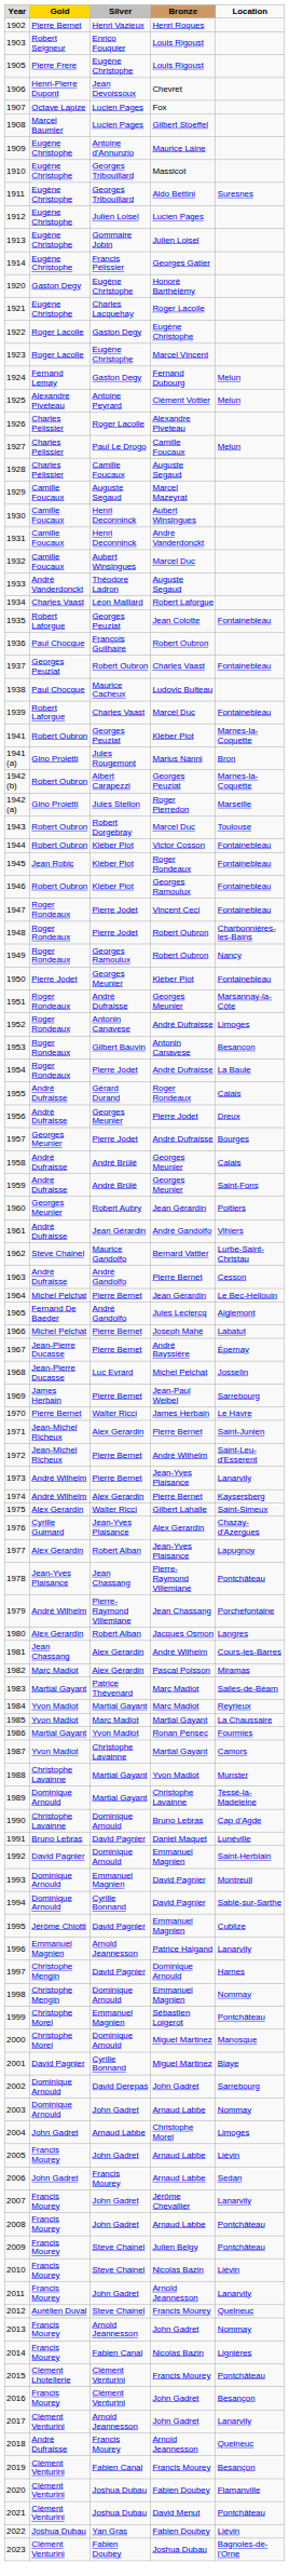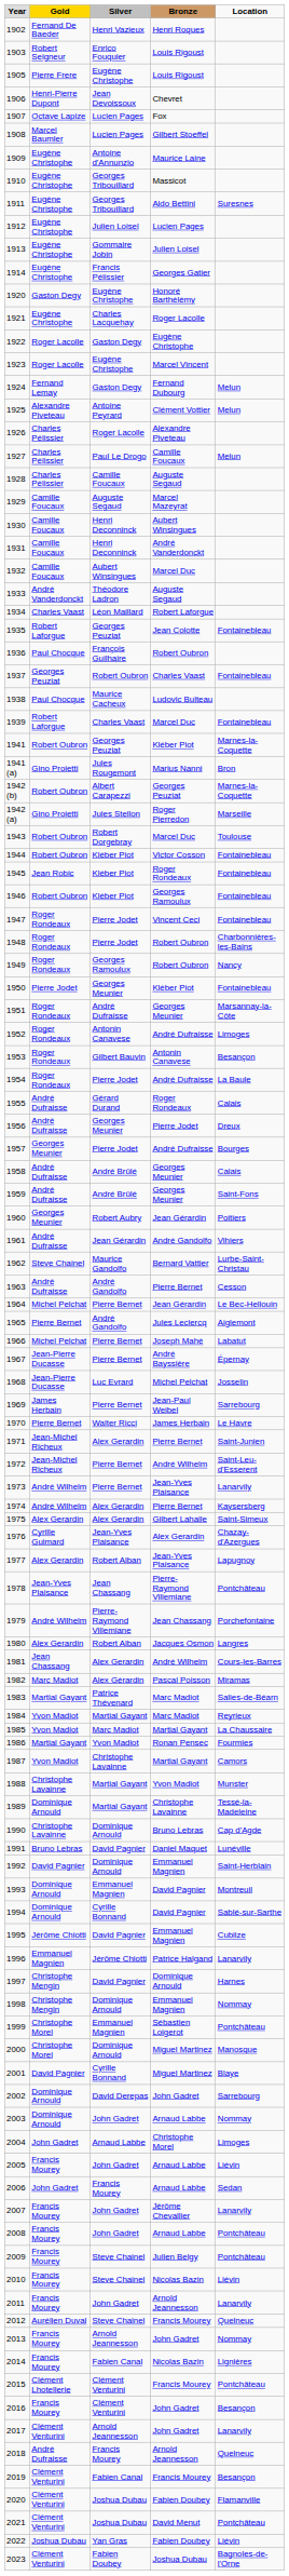 <table class="wikitable" style="width: 60%; text-align:left;">
 <tr>
 <td style="background:#DDDDDD; font-weight:bold; text-align:center;">Year</td>
 <td style="background:gold; font-weight:bold; text-align:center;">Gold</td>
 <td style="background:silver; font-weight:bold; text-align:center;">Silver</td>
 <td style="background:#cc9966; font-weight:bold; text-align:center;">Bronze</td>
 <td style="font-weight:bold; text-align:center;">Location</td>
 </tr>
 <tr>
 <td>1902</td>
-<td><a href='#'>Pierre Bernet</a></td>
+<td><a href='#'>Fernand De Baeder</a></td>
 <td><a href='#'>Henri Vazieux</a></td>
 <td><a href='#'>Henri Roques</a></td>
 <td></td>
 </tr>
 <tr>
 <td>1903</td>
 <td><a href='#'>Robert Seigneur</a></td>
 <td><a href='#'>Enrico Fouquier</a></td>
 <td><a href='#'>Louis Rigoust</a></td>
 <td></td>
 </tr>
 <tr>
 <td>1905</td>
 <td><a href='#'>Pierre Frere</a></td>
 <td><a href='#'>Eugène Christophe</a></td>
 <td><a href='#'>Louis Rigoust</a></td>
 <td></td>
 </tr>
 <tr>
 <td>1906</td>
 <td><a href='#'>Henri-Pierre Dupont</a></td>
 <td><a href='#'>Jean Devoissoux</a></td>
 <td>Chevret</td>
 <td></td>
 </tr>
 <tr>
 <td>1907</td>
 <td><a href='#'>Octave Lapize</a></td>
 <td><a href='#'>Lucien Pages</a></td>
 <td>Fox</td>
 <td></td>
 </tr>
 <tr>
 <td>1908</td>
 <td><a href='#'>Marcel Baumler</a></td>
 <td><a href='#'>Lucien Pages</a></td>
 <td><a href='#'>Gilbert Stoeffel</a></td>
 <td></td>
 </tr>
 <tr>
 <td>1909</td>
 <td><a href='#'>Eugène Christophe</a></td>
 <td><a href='#'>Antoine d'Annunzio</a></td>
 <td><a href='#'>Maurice Laine</a></td>
 <td></td>
 </tr>
 <tr>
 <td>1910</td>
 <td><a href='#'>Eugène Christophe</a></td>
 <td><a href='#'>Georges Tribouillard</a></td>
 <td>Massicot</td>
 <td></td>
 </tr>
 <tr>
 <td>1911</td>
 <td><a href='#'>Eugène Christophe</a></td>
 <td><a href='#'>Georges Tribouillard</a></td>
 <td><a href='#'>Aldo Bettini</a></td>
 <td><a href='#'>Suresnes</a></td>
 </tr>
 <tr>
 <td>1912</td>
 <td><a href='#'>Eugène Christophe</a></td>
 <td><a href='#'>Julien Loisel</a></td>
 <td><a href='#'>Lucien Pages</a></td>
 <td></td>
 </tr>
 <tr>
 <td>1913</td>
 <td><a href='#'>Eugène Christophe</a></td>
 <td><a href='#'>Gommaire Jobin</a></td>
 <td><a href='#'>Julien Loisel</a></td>
 <td></td>
 </tr>
 <tr>
 <td>1914</td>
 <td><a href='#'>Eugène Christophe</a></td>
 <td><a href='#'>Francis Pélissier</a></td>
 <td><a href='#'>Georges Gatier</a></td>
 <td></td>
 </tr>
 <tr>
 <td>1920</td>
 <td><a href='#'>Gaston Degy</a></td>
 <td><a href='#'>Eugène Christophe</a></td>
 <td><a href='#'>Honoré Barthélémy</a></td>
 <td></td>
 </tr>
 <tr>
 <td>1921</td>
 <td><a href='#'>Eugène Christophe</a></td>
 <td><a href='#'>Charles Lacquehay</a></td>
 <td><a href='#'>Roger Lacolle</a></td>
 <td></td>
 </tr>
 <tr>
 <td>1922</td>
 <td><a href='#'>Roger Lacolle</a></td>
 <td><a href='#'>Gaston Degy</a></td>
 <td><a href='#'>Eugène Christophe</a></td>
 <td></td>
 </tr>
 <tr>
 <td>1923</td>
 <td><a href='#'>Roger Lacolle</a></td>
 <td><a href='#'>Eugène Christophe</a></td>
 <td><a href='#'>Marcel Vincent</a></td>
 <td></td>
 </tr>
 <tr>
 <td>1924</td>
 <td><a href='#'>Fernand Lemay</a></td>
 <td><a href='#'>Gaston Degy</a></td>
 <td><a href='#'>Fernand Dubourg</a></td>
 <td><a href='#'>Melun</a></td>
 </tr>
 <tr>
 <td>1925</td>
 <td><a href='#'>Alexandre Piveteau</a></td>
 <td><a href='#'>Antoine Peyrard</a></td>
 <td><a href='#'>Clément Vottier</a></td>
 <td><a href='#'>Melun</a></td>
 </tr>
 <tr>
 <td>1926</td>
 <td><a href='#'>Charles Pélissier</a></td>
 <td><a href='#'>Roger Lacolle</a></td>
 <td><a href='#'>Alexandre Piveteau</a></td>
 <td></td>
 </tr>
 <tr>
 <td>1927</td>
 <td><a href='#'>Charles Pélissier</a></td>
 <td><a href='#'>Paul Le Drogo</a></td>
 <td><a href='#'>Camille Foucaux</a></td>
 <td><a href='#'>Melun</a></td>
 </tr>
 <tr>
 <td>1928</td>
 <td><a href='#'>Charles Pélissier</a></td>
 <td><a href='#'>Camille Foucaux</a></td>
 <td><a href='#'>Auguste Segaud</a></td>
 <td></td>
 </tr>
 <tr>
 <td>1929</td>
 <td><a href='#'>Camille Foucaux</a></td>
 <td><a href='#'>Auguste Segaud</a></td>
 <td><a href='#'>Marcel Mazeyrat</a></td>
 <td></td>
 </tr>
 <tr>
 <td>1930</td>
 <td><a href='#'>Camille Foucaux</a></td>
 <td><a href='#'>Henri Deconninck</a></td>
 <td><a href='#'>Aubert Winsingues</a></td>
 <td></td>
 </tr>
 <tr>
 <td>1931</td>
 <td><a href='#'>Camille Foucaux</a></td>
 <td><a href='#'>Henri Deconninck</a></td>
 <td><a href='#'>André Vanderdonckt</a></td>
 <td></td>
 </tr>
 <tr>
 <td>1932</td>
 <td><a href='#'>Camille Foucaux</a></td>
 <td><a href='#'>Aubert Winsingues</a></td>
 <td><a href='#'>Marcel Duc</a></td>
 <td></td>
 </tr>
 <tr>
 <td>1933</td>
 <td><a href='#'>André Vanderdonckt</a></td>
 <td><a href='#'>Théodore Ladron</a></td>
 <td><a href='#'>Auguste Segaud</a></td>
 <td></td>
 </tr>
 <tr>
 <td>1934</td>
 <td><a href='#'>Charles Vaast</a></td>
 <td><a href='#'>Léon Maillard</a></td>
 <td><a href='#'>Robert Laforgue</a></td>
 <td></td>
 </tr>
 <tr>
 <td>1935</td>
 <td><a href='#'>Robert Laforgue</a></td>
 <td><a href='#'>Georges Peuziat</a></td>
 <td><a href='#'>Jean Colotte</a></td>
 <td><a href='#'>Fontainebleau</a></td>
 </tr>
 <tr>
 <td>1936</td>
 <td><a href='#'>Paul Chocque</a></td>
 <td><a href='#'>François Guilhaire</a></td>
 <td><a href='#'>Robert Oubron</a></td>
 <td></td>
 </tr>
 <tr>
 <td>1937</td>
 <td><a href='#'>Georges Peuziat</a></td>
 <td><a href='#'>Robert Oubron</a></td>
 <td><a href='#'>Charles Vaast</a></td>
 <td><a href='#'>Fontainebleau</a></td>
 </tr>
 <tr>
 <td>1938</td>
 <td><a href='#'>Paul Chocque</a></td>
 <td><a href='#'>Maurice Cacheux</a></td>
 <td><a href='#'>Ludovic Bulteau</a></td>
 <td></td>
 </tr>
 <tr>
 <td>1939</td>
 <td><a href='#'>Robert Laforgue</a></td>
 <td><a href='#'>Charles Vaast</a></td>
 <td><a href='#'>Marcel Duc</a></td>
 <td><a href='#'>Fontainebleau</a></td>
 </tr>
 <tr>
 <td>1941</td>
 <td><a href='#'>Robert Oubron</a></td>
 <td><a href='#'>Georges Peuziat</a></td>
 <td><a href='#'>Kléber Piot</a></td>
 <td><a href='#'>Marnes-la-Coquette</a></td>
 </tr>
 <tr>
 <td>1941 (a)</td>
 <td><a href='#'>Gino Proietti</a></td>
 <td><a href='#'>Jules Rougemont</a></td>
 <td><a href='#'>Marius Nanni</a></td>
 <td><a href='#'>Bron</a></td>
 </tr>
 <tr>
 <td>1942 (b)</td>
 <td><a href='#'>Robert Oubron</a></td>
 <td><a href='#'>Albert Carapezzi</a></td>
 <td><a href='#'>Georges Peuziat</a></td>
 <td><a href='#'>Marnes-la-Coquette</a></td>
 </tr>
 <tr>
 <td>1942 (a)</td>
 <td><a href='#'>Gino Proietti</a></td>
 <td><a href='#'>Jules Stellon</a></td>
 <td><a href='#'>Roger Pierredon</a></td>
 <td><a href='#'>Marseille</a></td>
 </tr>
 <tr>
 <td>1943</td>
 <td><a href='#'>Robert Oubron</a></td>
 <td><a href='#'>Robert Dorgebray</a></td>
 <td><a href='#'>Marcel Duc</a></td>
 <td><a href='#'>Toulouse</a></td>
 </tr>
 <tr>
 <td>1944</td>
 <td><a href='#'>Robert Oubron</a></td>
 <td><a href='#'>Kléber Piot</a></td>
 <td><a href='#'>Victor Cosson</a></td>
 <td><a href='#'>Fontainebleau</a></td>
 </tr>
 <tr>
 <td>1945</td>
 <td><a href='#'>Jean Robic</a></td>
 <td><a href='#'>Kléber Piot</a></td>
 <td><a href='#'>Roger Rondeaux</a></td>
 <td><a href='#'>Fontainebleau</a></td>
 </tr>
 <tr>
 <td>1946</td>
 <td><a href='#'>Robert Oubron</a></td>
 <td><a href='#'>Kléber Piot</a></td>
 <td><a href='#'>Georges Ramoulux</a></td>
 <td><a href='#'>Fontainebleau</a></td>
 </tr>
 <tr>
 <td>1947</td>
 <td><a href='#'>Roger Rondeaux</a></td>
 <td><a href='#'>Pierre Jodet</a></td>
 <td><a href='#'>Vincent Ceci</a></td>
 <td><a href='#'>Fontainebleau</a></td>
 </tr>
 <tr>
 <td>1948</td>
 <td><a href='#'>Roger Rondeaux</a></td>
 <td><a href='#'>Pierre Jodet</a></td>
 <td><a href='#'>Robert Oubron</a></td>
 <td><a href='#'>Charbonnières-les-Bains</a></td>
 </tr>
 <tr>
 <td>1949</td>
 <td><a href='#'>Roger Rondeaux</a></td>
 <td><a href='#'>Georges Ramoulux</a></td>
 <td><a href='#'>Robert Oubron</a></td>
 <td><a href='#'>Nancy</a></td>
 </tr>
 <tr>
 <td>1950</td>
 <td><a href='#'>Pierre Jodet</a></td>
 <td><a href='#'>Georges Meunier</a></td>
 <td><a href='#'>Kléber Piot</a></td>
 <td><a href='#'>Fontainebleau</a></td>
 </tr>
 <tr>
 <td>1951</td>
 <td><a href='#'>Roger Rondeaux</a></td>
 <td><a href='#'>André Dufraisse</a></td>
 <td><a href='#'>Georges Meunier</a></td>
 <td><a href='#'>Marsannay-la-Côte</a></td>
 </tr>
 <tr>
 <td>1952</td>
 <td><a href='#'>Roger Rondeaux</a></td>
 <td><a href='#'>Antonin Canavese</a></td>
 <td><a href='#'>André Dufraisse</a></td>
 <td><a href='#'>Limoges</a></td>
 </tr>
 <tr>
 <td>1953</td>
 <td><a href='#'>Roger Rondeaux</a></td>
 <td><a href='#'>Gilbert Bauvin</a></td>
 <td><a href='#'>Antonin Canavese</a></td>
 <td><a href='#'>Besançon</a></td>
 </tr>
 <tr>
 <td>1954</td>
 <td><a href='#'>Roger Rondeaux</a></td>
 <td><a href='#'>Pierre Jodet</a></td>
 <td><a href='#'>André Dufraisse</a></td>
 <td><a href='#'>La Baule</a></td>
 </tr>
 <tr>
 <td>1955</td>
 <td><a href='#'>André Dufraisse</a></td>
 <td><a href='#'>Gérard Durand</a></td>
 <td><a href='#'>Roger Rondeaux</a></td>
 <td><a href='#'>Calais</a></td>
 </tr>
 <tr>
 <td>1956</td>
 <td><a href='#'>André Dufraisse</a></td>
 <td><a href='#'>Georges Meunier</a></td>
 <td><a href='#'>Pierre Jodet</a></td>
 <td><a href='#'>Dreux</a></td>
 </tr>
 <tr>
 <td>1957</td>
 <td><a href='#'>Georges Meunier</a></td>
 <td><a href='#'>Pierre Jodet</a></td>
 <td><a href='#'>André Dufraisse</a></td>
 <td><a href='#'>Bourges</a></td>
 </tr>
 <tr>
 <td>1958</td>
 <td><a href='#'>André Dufraisse</a></td>
 <td><a href='#'>André Brûlé</a></td>
 <td><a href='#'>Georges Meunier</a></td>
 <td><a href='#'>Calais</a></td>
 </tr>
 <tr>
 <td>1959</td>
 <td><a href='#'>André Dufraisse</a></td>
 <td><a href='#'>André Brûlé</a></td>
 <td><a href='#'>Georges Meunier</a></td>
 <td><a href='#'>Saint-Fons</a></td>
 </tr>
 <tr>
 <td>1960</td>
 <td><a href='#'>Georges Meunier</a></td>
 <td><a href='#'>Robert Aubry</a></td>
 <td><a href='#'>Jean Gérardin</a></td>
 <td><a href='#'>Poitiers</a></td>
 </tr>
 <tr>
 <td>1961</td>
 <td><a href='#'>André Dufraisse</a></td>
 <td><a href='#'>Jean Gérardin</a></td>
 <td><a href='#'>André Gandolfo</a></td>
 <td><a href='#'>Vihiers</a></td>
 </tr>
 <tr>
 <td>1962</td>
 <td><a href='#'>Steve Chainel</a></td>
 <td><a href='#'>Maurice Gandolfo</a></td>
 <td><a href='#'>Bernard Vattier</a></td>
 <td><a href='#'>Lurbe-Saint-Christau</a></td>
 </tr>
 <tr>
 <td>1963</td>
 <td><a href='#'>André Dufraisse</a></td>
 <td><a href='#'>André Gandolfo</a></td>
 <td><a href='#'>Pierre Bernet</a></td>
 <td><a href='#'>Cesson</a></td>
 </tr>
 <tr>
 <td>1964</td>
 <td><a href='#'>Michel Pelchat</a></td>
 <td><a href='#'>Pierre Bernet</a></td>
 <td><a href='#'>Jean Gérardin</a></td>
 <td><a href='#'>Le Bec-Hellouin</a></td>
 </tr>
 <tr>
 <td>1965</td>
-<td><a href='#'>Fernand De Baeder</a></td>
+<td><a href='#'>Pierre Bernet</a></td>
 <td><a href='#'>André Gandolfo</a></td>
 <td><a href='#'>Jules Leclercq</a></td>
 <td><a href='#'>Aiglemont</a></td>
 </tr>
 <tr>
 <td>1966</td>
 <td><a href='#'>Michel Pelchat</a></td>
 <td><a href='#'>Pierre Bernet</a></td>
 <td><a href='#'>Joseph Mahé</a></td>
 <td><a href='#'>Labatut</a></td>
 </tr>
 <tr>
 <td>1967</td>
 <td><a href='#'>Jean-Pierre Ducasse</a></td>
 <td><a href='#'>Pierre Bernet</a></td>
 <td><a href='#'>André Bayssière</a></td>
 <td><a href='#'>Épernay</a></td>
 </tr>
 <tr>
 <td>1968</td>
 <td><a href='#'>Jean-Pierre Ducasse</a></td>
 <td><a href='#'>Luc Evrard</a></td>
 <td><a href='#'>Michel Pelchat</a></td>
 <td><a href='#'>Josselin</a></td>
 </tr>
 <tr>
 <td>1969</td>
 <td><a href='#'>James Herbain</a></td>
 <td><a href='#'>Pierre Bernet</a></td>
 <td><a href='#'>Jean-Paul Weibel</a></td>
 <td><a href='#'>Sarrebourg</a></td>
 </tr>
 <tr>
 <td>1970</td>
 <td><a href='#'>Pierre Bernet</a></td>
 <td><a href='#'>Walter Ricci</a></td>
 <td><a href='#'>James Herbain</a></td>
 <td><a href='#'>Le Havre</a></td>
 </tr>
 <tr>
 <td>1971</td>
 <td><a href='#'>Jean-Michel Richeux</a></td>
 <td><a href='#'>Alex Gerardin</a></td>
 <td><a href='#'>Pierre Bernet</a></td>
 <td><a href='#'>Saint-Junien</a></td>
 </tr>
 <tr>
 <td>1972</td>
 <td><a href='#'>Jean-Michel Richeux</a></td>
 <td><a href='#'>Pierre Bernet</a></td>
 <td><a href='#'>André Wilhelm</a></td>
 <td><a href='#'>Saint-Leu-d'Esserent</a></td>
 </tr>
 <tr>
 <td>1973</td>
 <td><a href='#'>André Wilhelm</a></td>
 <td><a href='#'>Pierre Bernet</a></td>
 <td><a href='#'>Jean-Yves Plaisance</a></td>
 <td><a href='#'>Lanarvily</a></td>
 </tr>
 <tr>
 <td>1974</td>
 <td><a href='#'>André Wilhelm</a></td>
 <td><a href='#'>Alex Gerardin</a></td>
 <td><a href='#'>Pierre Bernet</a></td>
 <td><a href='#'>Kaysersberg</a></td>
 </tr>
 <tr>
 <td>1975</td>
 <td><a href='#'>Alex Gerardin</a></td>
-<td><a href='#'>Walter Ricci</a></td>
+<td><a href='#'>Alex Gerardin</a></td>
 <td><a href='#'>Gilbert Lahalle</a></td>
 <td><a href='#'>Saint-Simeux</a></td>
 </tr>
 <tr>
 <td>1976</td>
 <td><a href='#'>Cyrille Guimard</a></td>
 <td><a href='#'>Jean-Yves Plaisance</a></td>
 <td><a href='#'>Alex Gerardin</a></td>
 <td><a href='#'>Chazay-d'Azergues</a></td>
 </tr>
 <tr>
 <td>1977</td>
 <td><a href='#'>Alex Gerardin</a></td>
 <td><a href='#'>Robert Alban</a></td>
 <td><a href='#'>Jean-Yves Plaisance</a></td>
 <td><a href='#'>Lapugnoy</a></td>
 </tr>
 <tr>
 <td>1978</td>
 <td><a href='#'>Jean-Yves Plaisance</a></td>
 <td><a href='#'>Jean Chassang</a></td>
 <td><a href='#'>Pierre-Raymond Villemiane</a></td>
 <td><a href='#'>Pontchâteau</a></td>
 </tr>
 <tr>
 <td>1979</td>
 <td><a href='#'>André Wilhelm</a></td>
 <td><a href='#'>Pierre-Raymond Villemiane</a></td>
 <td><a href='#'>Jean Chassang</a></td>
 <td><a href='#'>Porchefontaine</a></td>
 </tr>
 <tr>
 <td>1980</td>
 <td><a href='#'>Alex Gerardin</a></td>
 <td><a href='#'>Robert Alban</a></td>
 <td><a href='#'>Jacques Osmon</a></td>
 <td><a href='#'>Langres</a></td>
 </tr>
 <tr>
 <td>1981</td>
 <td><a href='#'>Jean Chassang</a></td>
 <td><a href='#'>Alex Gerardin</a></td>
 <td><a href='#'>André Wilhelm</a></td>
 <td><a href='#'>Cours-les-Barres</a></td>
 </tr>
 <tr>
 <td>1982</td>
 <td><a href='#'>Marc Madiot</a></td>
 <td><a href='#'>Alex Gérardin</a></td>
 <td><a href='#'>Pascal Poisson</a></td>
 <td><a href='#'>Miramas</a></td>
 </tr>
 <tr>
 <td>1983</td>
 <td><a href='#'>Martial Gayant</a></td>
 <td><a href='#'>Patrice Thévenard</a></td>
 <td><a href='#'>Marc Madiot</a></td>
 <td><a href='#'>Salies-de-Béarn</a></td>
 </tr>
 <tr>
 <td>1984</td>
 <td><a href='#'>Yvon Madiot</a></td>
 <td><a href='#'>Martial Gayant</a></td>
 <td><a href='#'>Marc Madiot</a></td>
 <td><a href='#'>Reyrieux</a></td>
 </tr>
 <tr>
 <td>1985</td>
 <td><a href='#'>Yvon Madiot</a></td>
 <td><a href='#'>Marc Madiot</a></td>
 <td><a href='#'>Martial Gayant</a></td>
 <td><a href='#'>La Chaussaire</a></td>
 </tr>
 <tr>
 <td>1986</td>
 <td><a href='#'>Martial Gayant</a></td>
 <td><a href='#'>Yvon Madiot</a></td>
 <td><a href='#'>Ronan Pensec</a></td>
 <td><a href='#'>Fourmies</a></td>
 </tr>
 <tr>
 <td>1987</td>
 <td><a href='#'>Yvon Madiot</a></td>
 <td><a href='#'>Christophe Lavainne</a></td>
 <td><a href='#'>Martial Gayant</a></td>
 <td><a href='#'>Camors</a></td>
 </tr>
 <tr>
 <td>1988</td>
 <td><a href='#'>Christophe Lavainne</a></td>
 <td><a href='#'>Martial Gayant</a></td>
 <td><a href='#'>Yvon Madiot</a></td>
 <td><a href='#'>Munster</a></td>
 </tr>
 <tr>
 <td>1989</td>
 <td><a href='#'>Dominique Arnould</a></td>
 <td><a href='#'>Martial Gayant</a></td>
 <td><a href='#'>Christophe Lavainne</a></td>
 <td><a href='#'>Tessé-la-Madeleine</a></td>
 </tr>
 <tr>
 <td>1990</td>
 <td><a href='#'>Christophe Lavainne</a></td>
 <td><a href='#'>Dominique Arnould</a></td>
 <td><a href='#'>Bruno Lebras</a></td>
 <td><a href='#'>Cap d'Agde</a></td>
 </tr>
 <tr>
 <td>1991</td>
 <td><a href='#'>Bruno Lebras</a></td>
 <td><a href='#'>David Pagnier</a></td>
 <td><a href='#'>Daniel Maquet</a></td>
 <td><a href='#'>Lunéville</a></td>
 </tr>
 <tr>
 <td>1992</td>
 <td><a href='#'>David Pagnier</a></td>
 <td><a href='#'>Dominique Arnould</a></td>
 <td><a href='#'>Emmanuel Magnien</a></td>
 <td><a href='#'>Saint-Herblain</a></td>
 </tr>
 <tr>
 <td>1993</td>
 <td><a href='#'>Dominique Arnould</a></td>
 <td><a href='#'>Emmanuel Magnien</a></td>
 <td><a href='#'>David Pagnier</a></td>
 <td><a href='#'>Montreuil</a></td>
 </tr>
 <tr>
 <td>1994</td>
 <td><a href='#'>Dominique Arnould</a></td>
 <td><a href='#'>Cyrille Bonnand</a></td>
 <td><a href='#'>David Pagnier</a></td>
 <td><a href='#'>Sablé-sur-Sarthe</a></td>
 </tr>
 <tr>
 <td>1995</td>
 <td><a href='#'>Jérôme Chiotti</a></td>
 <td><a href='#'>David Pagnier</a></td>
 <td><a href='#'>Emmanuel Magnien</a></td>
 <td><a href='#'>Cublize</a></td>
 </tr>
 <tr>
 <td>1996</td>
 <td><a href='#'>Emmanuel Magnien</a></td>
-<td><a href='#'>Arnold Jeannesson</a></td>
+<td><a href='#'>Jérôme Chiotti</a></td>
 <td><a href='#'>Patrice Halgand</a></td>
 <td><a href='#'>Lanarvily</a></td>
 </tr>
 <tr>
 <td>1997</td>
 <td><a href='#'>Christophe Mengin</a></td>
 <td><a href='#'>David Pagnier</a></td>
 <td><a href='#'>Dominique Arnould</a></td>
 <td><a href='#'>Harnes</a></td>
 </tr>
 <tr>
 <td>1998</td>
 <td><a href='#'>Christophe Mengin</a></td>
 <td><a href='#'>Dominique Arnould</a></td>
 <td><a href='#'>Emmanuel Magnien</a></td>
 <td><a href='#'>Nommay</a></td>
 </tr>
 <tr>
 <td>1999</td>
 <td><a href='#'>Christophe Morel</a></td>
 <td><a href='#'>Emmanuel Magnien</a></td>
 <td><a href='#'>Sébastien Loigerot</a></td>
 <td><a href='#'>Pontchâteau</a></td>
 </tr>
 <tr>
 <td>2000</td>
 <td><a href='#'>Christophe Morel</a></td>
 <td><a href='#'>Dominique Arnould</a></td>
 <td><a href='#'>Miguel Martinez</a></td>
 <td><a href='#'>Manosque</a></td>
 </tr>
 <tr>
 <td>2001</td>
 <td><a href='#'>David Pagnier</a></td>
 <td><a href='#'>Cyrille Bonnand</a></td>
 <td><a href='#'>Miguel Martinez</a></td>
 <td><a href='#'>Blaye</a></td>
 </tr>
 <tr>
 <td>2002</td>
 <td><a href='#'>Dominique Arnould</a></td>
 <td><a href='#'>David Derepas</a></td>
 <td><a href='#'>John Gadret</a></td>
 <td><a href='#'>Sarrebourg</a></td>
 </tr>
 <tr>
 <td>2003</td>
 <td><a href='#'>Dominique Arnould</a></td>
 <td><a href='#'>John Gadret</a></td>
 <td><a href='#'>Arnaud Labbe</a></td>
 <td><a href='#'>Nommay</a></td>
 </tr>
 <tr>
 <td>2004</td>
 <td><a href='#'>John Gadret</a></td>
 <td><a href='#'>Arnaud Labbe</a></td>
 <td><a href='#'>Christophe Morel</a></td>
 <td><a href='#'>Limoges</a></td>
 </tr>
 <tr>
 <td>2005</td>
 <td><a href='#'>Francis Mourey</a></td>
 <td><a href='#'>John Gadret</a></td>
 <td><a href='#'>Arnaud Labbe</a></td>
 <td><a href='#'>Liévin</a></td>
 </tr>
 <tr>
 <td>2006</td>
 <td><a href='#'>John Gadret</a></td>
 <td><a href='#'>Francis Mourey</a></td>
 <td><a href='#'>Arnaud Labbe</a></td>
 <td><a href='#'>Sedan</a></td>
 </tr>
 <tr>
 <td>2007</td>
 <td><a href='#'>Francis Mourey</a></td>
 <td><a href='#'>John Gadret</a></td>
 <td><a href='#'>Jérôme Chevallier</a></td>
 <td><a href='#'>Lanarvily</a></td>
 </tr>
 <tr>
 <td>2008</td>
 <td><a href='#'>Francis Mourey</a></td>
 <td><a href='#'>John Gadret</a></td>
 <td><a href='#'>Arnaud Labbe</a></td>
 <td><a href='#'>Pontchâteau</a></td>
 </tr>
 <tr>
 <td>2009</td>
 <td><a href='#'>Francis Mourey</a></td>
 <td><a href='#'>Steve Chainel</a></td>
 <td><a href='#'>Julien Belgy</a></td>
 <td><a href='#'>Pontchâteau</a></td>
 </tr>
 <tr>
 <td>2010</td>
 <td><a href='#'>Francis Mourey</a></td>
 <td><a href='#'>Steve Chainel</a></td>
 <td><a href='#'>Nicolas Bazin</a></td>
 <td><a href='#'>Liévin</a></td>
 </tr>
 <tr>
 <td>2011</td>
 <td><a href='#'>Francis Mourey</a></td>
 <td><a href='#'>John Gadret</a></td>
 <td><a href='#'>Arnold Jeannesson</a></td>
 <td><a href='#'>Lanarvily</a></td>
 </tr>
 <tr>
 <td>2012</td>
 <td><a href='#'>Aurélien Duval</a></td>
 <td><a href='#'>Steve Chainel</a></td>
 <td><a href='#'>Francis Mourey</a></td>
 <td><a href='#'>Quelneuc</a></td>
 </tr>
 <tr>
 <td>2013</td>
 <td><a href='#'>Francis Mourey</a></td>
 <td><a href='#'>Arnold Jeannesson</a></td>
 <td><a href='#'>John Gadret</a></td>
 <td><a href='#'>Nommay</a></td>
 </tr>
 <tr>
 <td>2014</td>
 <td><a href='#'>Francis Mourey</a></td>
 <td><a href='#'>Fabien Canal</a></td>
 <td><a href='#'>Nicolas Bazin</a></td>
 <td><a href='#'>Lignières</a></td>
 </tr>
 <tr>
 <td>2015</td>
 <td><a href='#'>Clément Lhotellerie</a></td>
 <td><a href='#'>Clément Venturini</a></td>
 <td><a href='#'>Francis Mourey</a></td>
 <td><a href='#'>Pontchâteau</a></td>
 </tr>
 <tr>
 <td>2016</td>
 <td><a href='#'>Francis Mourey</a></td>
 <td><a href='#'>Clément Venturini</a></td>
 <td><a href='#'>John Gadret</a></td>
 <td><a href='#'>Besançon</a></td>
 </tr>
 <tr>
 <td>2017</td>
 <td><a href='#'>Clément Venturini</a></td>
 <td><a href='#'>Arnold Jeannesson</a></td>
 <td><a href='#'>John Gadret</a></td>
 <td><a href='#'>Lanarvily</a></td>
 </tr>
 <tr>
 <td>2018</td>
 <td><a href='#'>André Dufraisse</a></td>
 <td><a href='#'>Francis Mourey</a></td>
 <td><a href='#'>Arnold Jeannesson</a></td>
 <td><a href='#'>Quelneuc</a></td>
 </tr>
 <tr>
 <td>2019</td>
 <td><a href='#'>Clément Venturini</a></td>
 <td><a href='#'>Fabien Canal</a></td>
 <td><a href='#'>Francis Mourey</a></td>
 <td><a href='#'>Besançon</a></td>
 </tr>
 <tr>
 <td>2020</td>
 <td><a href='#'>Clément Venturini</a></td>
 <td><a href='#'>Joshua Dubau</a></td>
 <td><a href='#'>Fabien Doubey</a></td>
 <td><a href='#'>Flamanville</a></td>
 </tr>
 <tr>
 <td>2021</td>
 <td><a href='#'>Clément Venturini</a></td>
 <td><a href='#'>Joshua Dubau</a></td>
 <td><a href='#'>David Menut</a></td>
 <td><a href='#'>Pontchâteau</a></td>
 </tr>
 <tr>
 <td>2022</td>
 <td><a href='#'>Joshua Dubau</a></td>
 <td><a href='#'>Yan Gras</a></td>
 <td><a href='#'>Fabien Doubey</a></td>
 <td><a href='#'>Liévin</a></td>
 </tr>
 <tr>
 <td>2023</td>
 <td><a href='#'>Clément Venturini</a></td>
 <td><a href='#'>Fabien Doubey</a></td>
 <td><a href='#'>Joshua Dubau</a></td>
 <td><a href='#'>Bagnoles-de-l'Orne</a></td>
 </tr>
 </table>
